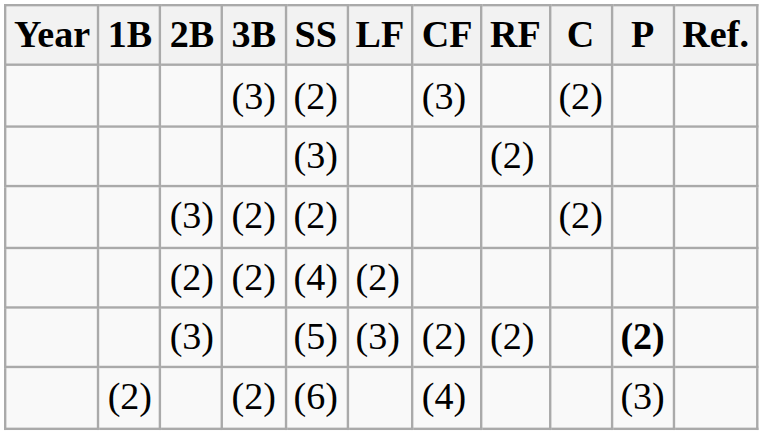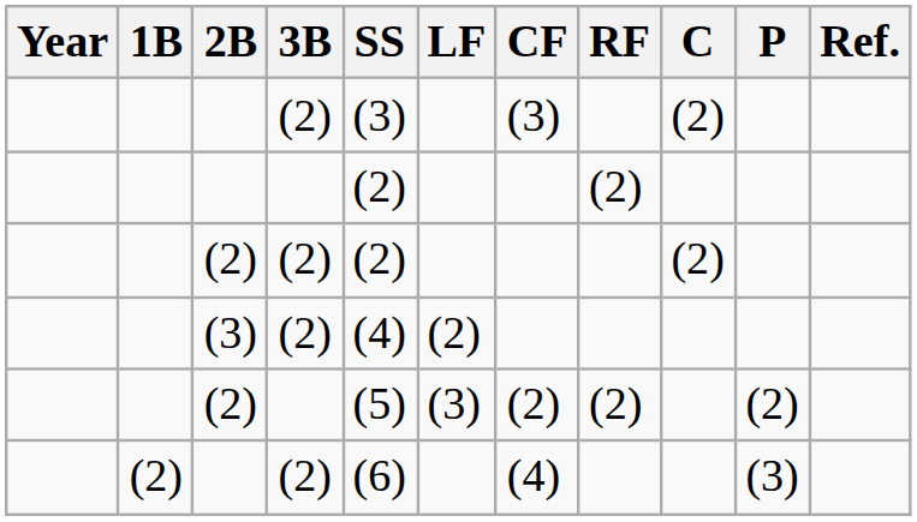 <table class="wikitable sortable">
 <tr>
 <th>Year</th>
 <th>1B</th>
 <th>2B</th>
 <th>3B</th>
 <th>SS</th>
 <th>LF</th>
 <th>CF</th>
 <th>RF</th>
 <th>C</th>
 <th>P</th>
 <th class=unsortable>Ref.</th>
 </tr>
 <tr>
 <td></td>
 <td></td>
 <td></td>
+<td> (2)</td>
 <td> (3)</td>
-<td> (2)</td>
 <td></td>
 <td> (3)</td>
 <td></td>
 <td> (2)</td>
 <td></td>
 <td></td>
 </tr>
 <tr>
 <td></td>
 <td></td>
 <td></td>
 <td></td>
-<td> (3)</td>
+<td> (2)</td>
 <td></td>
 <td></td>
 <td> (2)</td>
 <td></td>
 <td></td>
 <td></td>
 </tr>
 <tr>
 <td></td>
 <td></td>
-<td> (3)</td>
+<td> (2)</td>
 <td> (2)</td>
 <td> (2)</td>
 <td></td>
 <td></td>
 <td></td>
 <td> (2)</td>
 <td></td>
 <td></td>
 </tr>
 <tr>
 <td></td>
 <td></td>
-<td> (2)</td>
+<td> (3)</td>
 <td> (2)</td>
 <td> (4)</td>
 <td> (2)</td>
 <td></td>
 <td></td>
 <td></td>
 <td></td>
 <td></td>
 </tr>
 <tr>
 <td></td>
 <td></td>
-<td> (3)</td>
+<td> (2)</td>
 <td></td>
 <td> (5)</td>
 <td> (3)</td>
 <td> (2)</td>
 <td> (2)</td>
 <td></td>
-<td><strong> (2)</strong></td>
+<td> (2)</td>
 <td></td>
 </tr>
 <tr>
 <td></td>
 <td> (2)</td>
 <td></td>
 <td> (2)</td>
 <td> (6)</td>
 <td></td>
 <td> (4)</td>
 <td></td>
 <td></td>
 <td> (3)</td>
 <td></td>
 </tr>
 </table>
